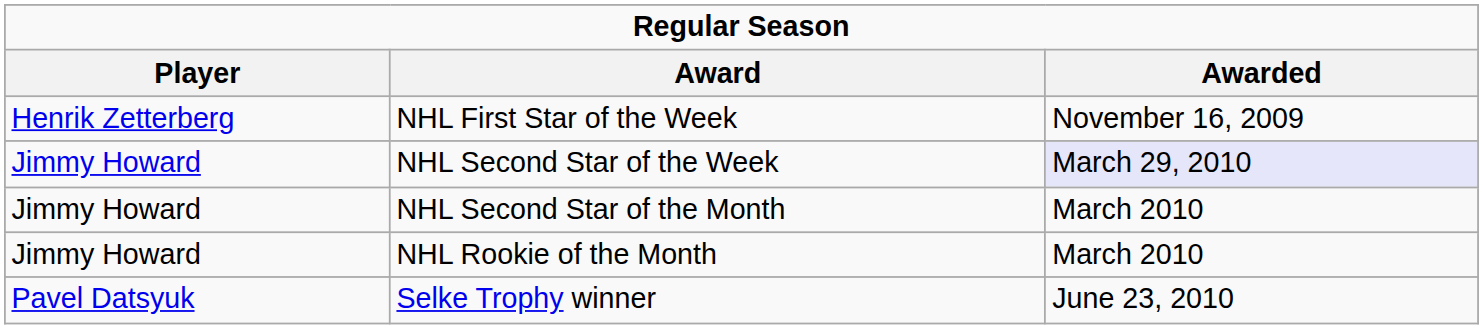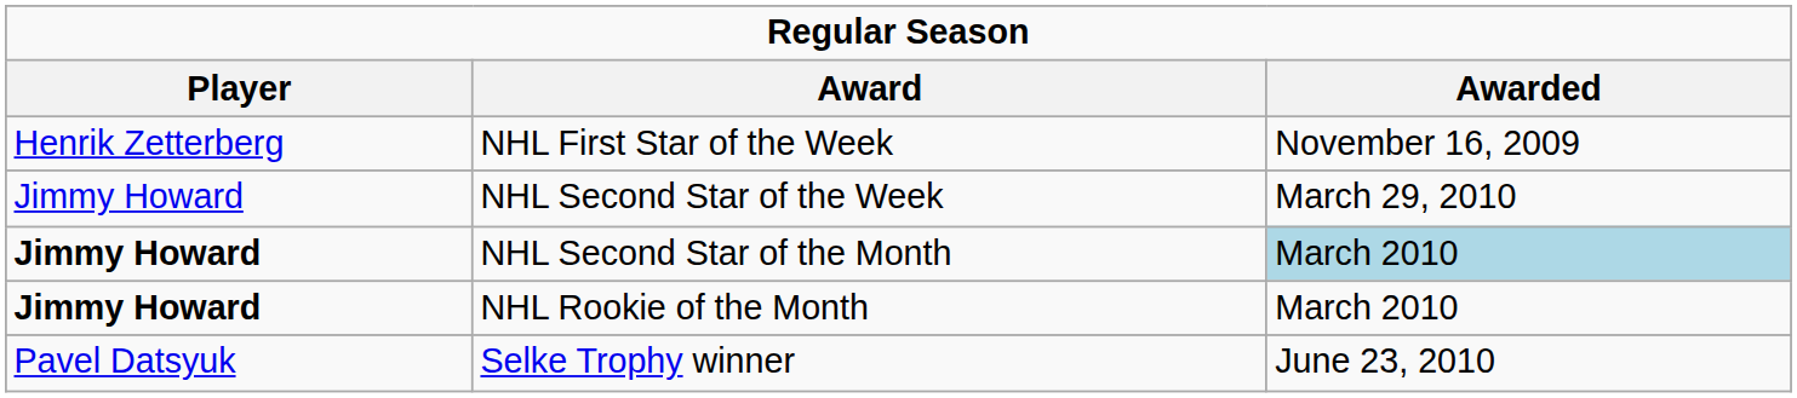 <table class="wikitable" width="52%">
 <tr>
 <td colspan="10" align="center"><strong>Regular Season</strong></td>
 </tr>
 <tr>
 <th>Player</th>
 <th>Award</th>
 <th>Awarded</th>
 </tr>
 <tr>
 <td><a href='#'>Henrik Zetterberg</a></td>
 <td>NHL First Star of the Week</td>
 <td>November 16, 2009</td>
 </tr>
 <tr>
 <td><a href='#'>Jimmy Howard</a></td>
 <td>NHL Second Star of the Week</td>
-<td style="background: lavender;">March 29, 2010</td>
+<td>March 29, 2010</td>
 </tr>
 <tr>
-<td>Jimmy Howard</td>
+<td><strong>Jimmy Howard</strong></td>
 <td>NHL Second Star of the Month</td>
-<td>March 2010</td>
+<td style="background: lightblue;">March 2010</td>
 </tr>
 <tr>
-<td>Jimmy Howard</td>
+<td><strong>Jimmy Howard</strong></td>
 <td>NHL Rookie of the Month</td>
 <td>March 2010</td>
 </tr>
 <tr>
 <td><a href='#'>Pavel Datsyuk</a></td>
 <td><a href='#'>Selke Trophy</a> winner</td>
 <td>June 23, 2010</td>
 </tr>
 </table>
